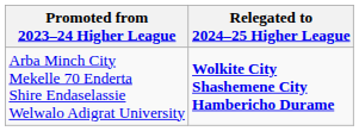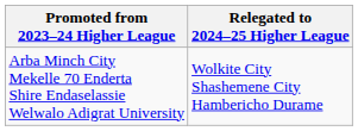 <table class="wikitable">
 <tr>
 <th> Promoted from<br><a href='#'>2023–24 Higher League</a></th>
 <th> Relegated to<br><a href='#'>2024–25 Higher League</a></th>
 </tr>
 <tr>
 <td><a href='#'>Arba Minch City</a><br><a href='#'>Mekelle 70 Enderta</a><br><a href='#'>Shire Endaselassie</a><br><a href='#'>Welwalo Adigrat University</a></td>
-<td><strong><a href='#'>Wolkite City</a><br><a href='#'>Shashemene City</a><br><a href='#'>Hambericho Durame</a></strong></td>
+<td><a href='#'>Wolkite City</a><br><a href='#'>Shashemene City</a><br><a href='#'>Hambericho Durame</a></td>
 </tr>
 </table>
